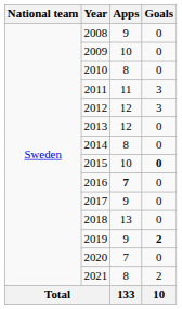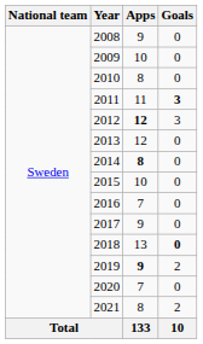 <table class=wikitable style=text-align:center>
 <tr>
 <th>National team</th>
 <th>Year</th>
 <th>Apps</th>
 <th>Goals</th>
 </tr>
 <tr>
 <td rowspan="14"><a href='#'>Sweden</a></td>
 <td>2008</td>
 <td>9</td>
 <td>0</td>
 </tr>
 <tr>
 <td>2009</td>
 <td>10</td>
 <td>0</td>
 </tr>
 <tr>
 <td>2010</td>
 <td>8</td>
 <td>0</td>
 </tr>
 <tr>
 <td>2011</td>
 <td>11</td>
-<td>3</td>
+<td><strong>3</strong></td>
 </tr>
 <tr>
 <td>2012</td>
-<td>12</td>
+<td><strong>12</strong></td>
 <td>3</td>
 </tr>
 <tr>
 <td>2013</td>
 <td>12</td>
 <td>0</td>
 </tr>
 <tr>
 <td>2014</td>
-<td>8</td>
+<td><strong>8</strong></td>
 <td>0</td>
 </tr>
 <tr>
 <td>2015</td>
 <td>10</td>
-<td><strong>0</strong></td>
+<td>0</td>
 </tr>
 <tr>
 <td>2016</td>
-<td><strong>7</strong></td>
+<td>7</td>
 <td>0</td>
 </tr>
 <tr>
 <td>2017</td>
 <td>9</td>
 <td>0</td>
 </tr>
 <tr>
 <td>2018</td>
 <td>13</td>
-<td>0</td>
+<td><strong>0</strong></td>
 </tr>
 <tr>
 <td>2019</td>
-<td>9</td>
-<td><strong>2</strong></td>
+<td><strong>9</strong></td>
+<td>2</td>
 </tr>
 <tr>
 <td>2020</td>
 <td>7</td>
 <td>0</td>
 </tr>
 <tr>
 <td>2021</td>
 <td>8</td>
 <td>2</td>
 </tr>
 <tr>
 <th colspan="2">Total</th>
 <th>133</th>
 <th>10</th>
 </tr>
 </table>
